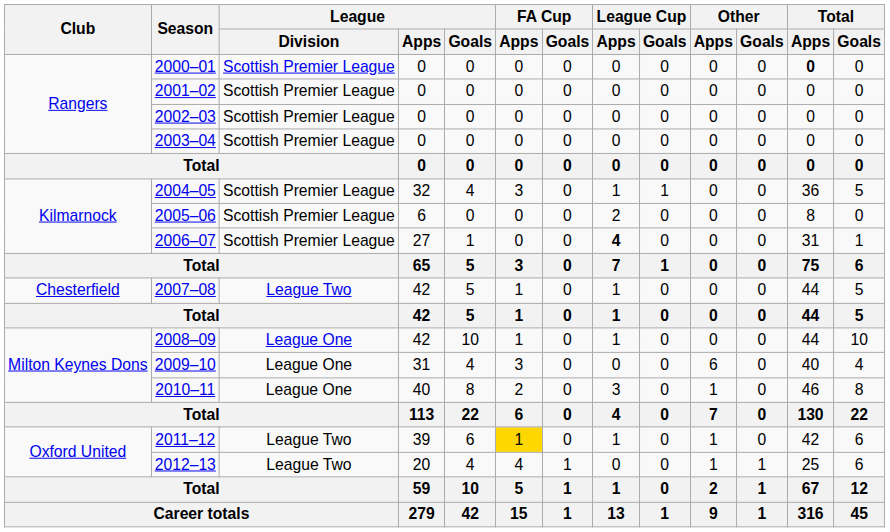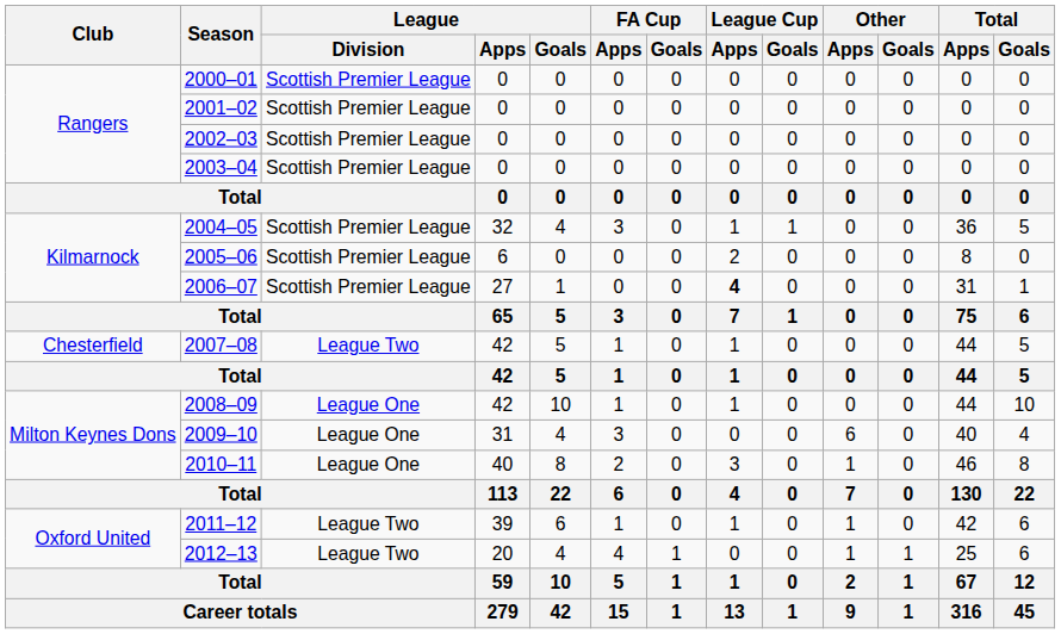 <table class="wikitable" style="text-align: center;">
 <tr>
 <th rowspan="2">Club</th>
 <th rowspan="2">Season</th>
 <th colspan="3">League</th>
 <th colspan="2">FA Cup</th>
 <th colspan="2">League Cup</th>
 <th colspan="2">Other</th>
 <th colspan="2">Total</th>
 </tr>
 <tr>
 <th>Division</th>
 <th>Apps</th>
 <th>Goals</th>
 <th>Apps</th>
 <th>Goals</th>
 <th>Apps</th>
 <th>Goals</th>
 <th>Apps</th>
 <th>Goals</th>
 <th>Apps</th>
 <th>Goals</th>
 </tr>
 <tr>
 <td rowspan="4" valign="center"><a href='#'>Rangers</a></td>
 <td><a href='#'>2000–01</a></td>
 <td><a href='#'>Scottish Premier League</a></td>
 <td>0</td>
 <td>0</td>
 <td>0</td>
 <td>0</td>
 <td>0</td>
 <td>0</td>
 <td>0</td>
 <td>0</td>
-<td><strong>0</strong></td>
+<td>0</td>
 <td>0</td>
 </tr>
 <tr>
 <td><a href='#'>2001–02</a></td>
 <td>Scottish Premier League</td>
 <td>0</td>
 <td>0</td>
 <td>0</td>
 <td>0</td>
 <td>0</td>
 <td>0</td>
 <td>0</td>
 <td>0</td>
 <td>0</td>
 <td>0</td>
 </tr>
 <tr>
 <td><a href='#'>2002–03</a></td>
 <td>Scottish Premier League</td>
 <td>0</td>
 <td>0</td>
 <td>0</td>
 <td>0</td>
 <td>0</td>
 <td>0</td>
 <td>0</td>
 <td>0</td>
 <td>0</td>
 <td>0</td>
 </tr>
 <tr>
 <td><a href='#'>2003–04</a></td>
 <td>Scottish Premier League</td>
 <td>0</td>
 <td>0</td>
 <td>0</td>
 <td>0</td>
 <td>0</td>
 <td>0</td>
 <td>0</td>
 <td>0</td>
 <td>0</td>
 <td>0</td>
 </tr>
 <tr>
 <th colspan="3">Total</th>
 <th>0</th>
 <th>0</th>
 <th>0</th>
 <th>0</th>
 <th>0</th>
 <th>0</th>
 <th>0</th>
 <th>0</th>
 <th>0</th>
 <th>0</th>
 </tr>
 <tr>
 <td rowspan="3" valign="center"><a href='#'>Kilmarnock</a></td>
 <td><a href='#'>2004–05</a></td>
 <td>Scottish Premier League</td>
 <td>32</td>
 <td>4</td>
 <td>3</td>
 <td>0</td>
 <td>1</td>
 <td>1</td>
 <td>0</td>
 <td>0</td>
 <td>36</td>
 <td>5</td>
 </tr>
 <tr>
 <td><a href='#'>2005–06</a></td>
 <td>Scottish Premier League</td>
 <td>6</td>
 <td>0</td>
 <td>0</td>
 <td>0</td>
 <td>2</td>
 <td>0</td>
 <td>0</td>
 <td>0</td>
 <td>8</td>
 <td>0</td>
 </tr>
 <tr>
 <td><a href='#'>2006–07</a></td>
 <td>Scottish Premier League</td>
 <td>27</td>
 <td>1</td>
 <td>0</td>
 <td>0</td>
 <td><strong>4</strong></td>
 <td>0</td>
 <td>0</td>
 <td>0</td>
 <td>31</td>
 <td>1</td>
 </tr>
 <tr>
 <th colspan="3">Total</th>
 <th>65</th>
 <th>5</th>
 <th>3</th>
 <th>0</th>
 <th>7</th>
 <th>1</th>
 <th>0</th>
 <th>0</th>
 <th>75</th>
 <th>6</th>
 </tr>
 <tr>
 <td rowspan="1" valign="center"><a href='#'>Chesterfield</a></td>
 <td><a href='#'>2007–08</a></td>
 <td><a href='#'>League Two</a></td>
 <td>42</td>
 <td>5</td>
 <td>1</td>
 <td>0</td>
 <td>1</td>
 <td>0</td>
 <td>0</td>
 <td>0</td>
 <td>44</td>
 <td>5</td>
 </tr>
 <tr>
 <th colspan="3">Total</th>
 <th>42</th>
 <th>5</th>
 <th>1</th>
 <th>0</th>
 <th>1</th>
 <th>0</th>
 <th>0</th>
 <th>0</th>
 <th>44</th>
 <th>5</th>
 </tr>
 <tr>
 <td rowspan="3" valign="center"><a href='#'>Milton Keynes Dons</a></td>
 <td><a href='#'>2008–09</a></td>
 <td><a href='#'>League One</a></td>
 <td>42</td>
 <td>10</td>
 <td>1</td>
 <td>0</td>
 <td>1</td>
 <td>0</td>
 <td>0</td>
 <td>0</td>
 <td>44</td>
 <td>10</td>
 </tr>
 <tr>
 <td><a href='#'>2009–10</a></td>
 <td>League One</td>
 <td>31</td>
 <td>4</td>
 <td>3</td>
 <td>0</td>
 <td>0</td>
 <td>0</td>
 <td>6</td>
 <td>0</td>
 <td>40</td>
 <td>4</td>
 </tr>
 <tr>
 <td><a href='#'>2010–11</a></td>
 <td>League One</td>
 <td>40</td>
 <td>8</td>
 <td>2</td>
 <td>0</td>
 <td>3</td>
 <td>0</td>
 <td>1</td>
 <td>0</td>
 <td>46</td>
 <td>8</td>
 </tr>
 <tr>
 <th colspan="3">Total</th>
 <th>113</th>
 <th>22</th>
 <th>6</th>
 <th>0</th>
 <th>4</th>
 <th>0</th>
 <th>7</th>
 <th>0</th>
 <th>130</th>
 <th>22</th>
 </tr>
 <tr>
 <td rowspan="2" valign="center"><a href='#'>Oxford United</a></td>
 <td><a href='#'>2011–12</a></td>
 <td>League Two</td>
 <td>39</td>
 <td>6</td>
-<td style="background: gold;">1</td>
+<td>1</td>
 <td>0</td>
 <td>1</td>
 <td>0</td>
 <td>1</td>
 <td>0</td>
 <td>42</td>
 <td>6</td>
 </tr>
 <tr>
 <td><a href='#'>2012–13</a></td>
 <td>League Two</td>
 <td>20</td>
 <td>4</td>
 <td>4</td>
 <td>1</td>
 <td>0</td>
 <td>0</td>
 <td>1</td>
 <td>1</td>
 <td>25</td>
 <td>6</td>
 </tr>
 <tr>
 <th colspan="3">Total</th>
 <th>59</th>
 <th>10</th>
 <th>5</th>
 <th>1</th>
 <th>1</th>
 <th>0</th>
 <th>2</th>
 <th>1</th>
 <th>67</th>
 <th>12</th>
 </tr>
 <tr>
 <th colspan="3">Career totals</th>
 <th>279</th>
 <th>42</th>
 <th>15</th>
 <th>1</th>
 <th>13</th>
 <th>1</th>
 <th>9</th>
 <th>1</th>
 <th>316</th>
 <th>45</th>
 </tr>
 </table>
